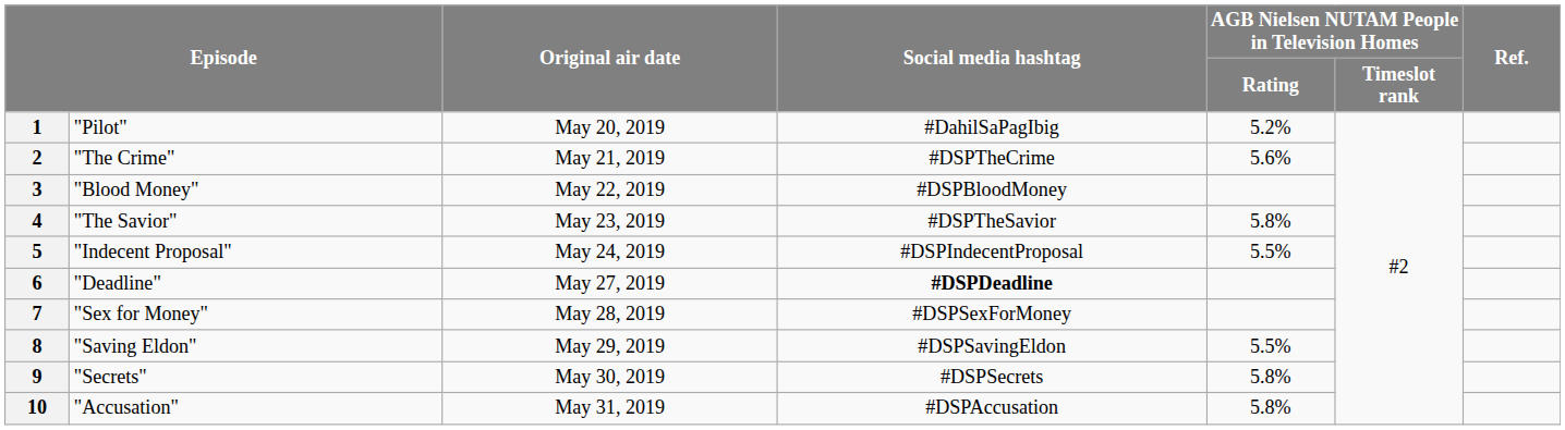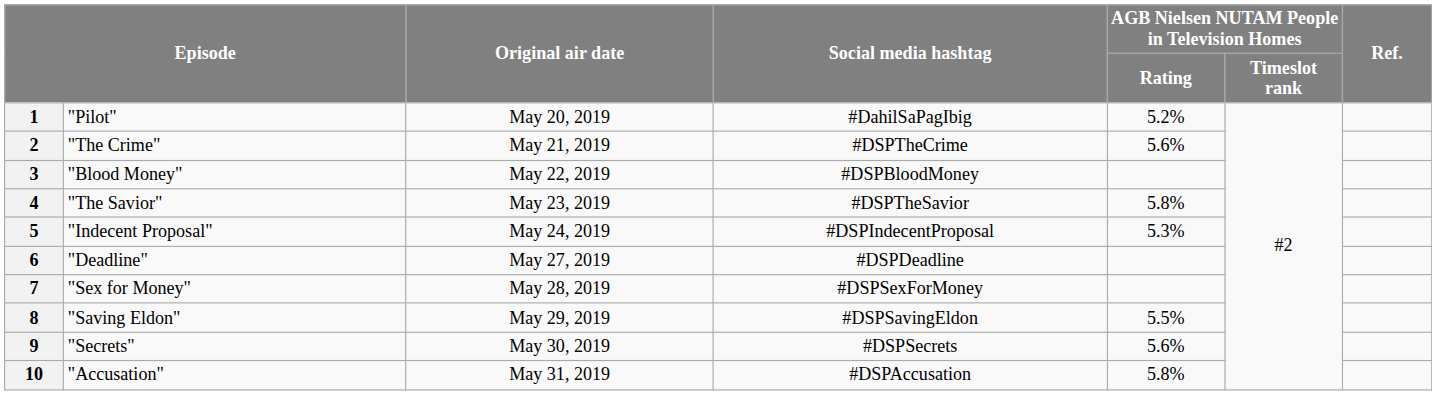 <table class="wikitable" style="text-align:center; font-size:100%; line-height:18px;" width="100%">
 <tr>
 <th style="background-color:#808080; color:#ffffff;" colspan="2" rowspan="2">Episode</th>
 <th style="background-color:#808080; color:white" rowspan="2">Original air date</th>
 <th style="background-color:#808080; color:white" rowspan="2">Social media hashtag</th>
 <th style="background-color:#808080; color:#ffffff;" colspan="2">AGB Nielsen NUTAM People in Television Homes</th>
 <th style="background-color:#808080; color:#ffffff;" rowspan="2">Ref.</th>
 </tr>
 <tr>
 <th style="background-color:#808080; width:75px; color:#ffffff;">Rating</th>
 <th style="background-color:#808080; width:75px; color:#ffffff;">Timeslot<br>rank</th>
 </tr>
 <tr>
 <th>1</th>
 <td style="text-align: left;">"Pilot"</td>
 <td>May 20, 2019</td>
 <td>#DahilSaPagIbig</td>
 <td>5.2%</td>
 <td rowspan="10">#2</td>
 <td></td>
 </tr>
 <tr>
 <th>2</th>
 <td style="text-align: left;">"The Crime"</td>
 <td>May 21, 2019</td>
 <td>#DSPTheCrime</td>
 <td>5.6%</td>
 <td></td>
 </tr>
 <tr>
 <th>3</th>
 <td style="text-align: left;">"Blood Money"</td>
 <td>May 22, 2019</td>
 <td>#DSPBloodMoney</td>
 <td></td>
 <td></td>
 </tr>
 <tr>
 <th>4</th>
 <td style="text-align: left;">"The Savior"</td>
 <td>May 23, 2019</td>
 <td>#DSPTheSavior</td>
 <td>5.8%</td>
 <td></td>
 </tr>
 <tr>
 <th>5</th>
 <td style="text-align: left;">"Indecent Proposal"</td>
 <td>May 24, 2019</td>
 <td>#DSPIndecentProposal</td>
-<td>5.5%</td>
+<td>5.3%</td>
 <td></td>
 </tr>
 <tr>
 <th>6</th>
 <td style="text-align: left;">"Deadline"</td>
 <td>May 27, 2019</td>
-<td><strong>#DSPDeadline</strong></td>
+<td>#DSPDeadline</td>
 <td></td>
 <td></td>
 </tr>
 <tr>
 <th>7</th>
 <td style="text-align: left;">"Sex for Money"</td>
 <td>May 28, 2019</td>
 <td>#DSPSexForMoney</td>
 <td></td>
 <td></td>
 </tr>
 <tr>
 <th>8</th>
 <td style="text-align: left;">"Saving Eldon"</td>
 <td>May 29, 2019</td>
 <td>#DSPSavingEldon</td>
 <td>5.5%</td>
 <td></td>
 </tr>
 <tr>
 <th>9</th>
 <td style="text-align: left;">"Secrets"</td>
 <td>May 30, 2019</td>
 <td>#DSPSecrets</td>
-<td>5.8%</td>
+<td>5.6%</td>
 <td></td>
 </tr>
 <tr>
 <th>10</th>
 <td style="text-align: left;">"Accusation"</td>
 <td>May 31, 2019</td>
 <td>#DSPAccusation</td>
 <td>5.8%</td>
 <td></td>
 </tr>
 </table>
